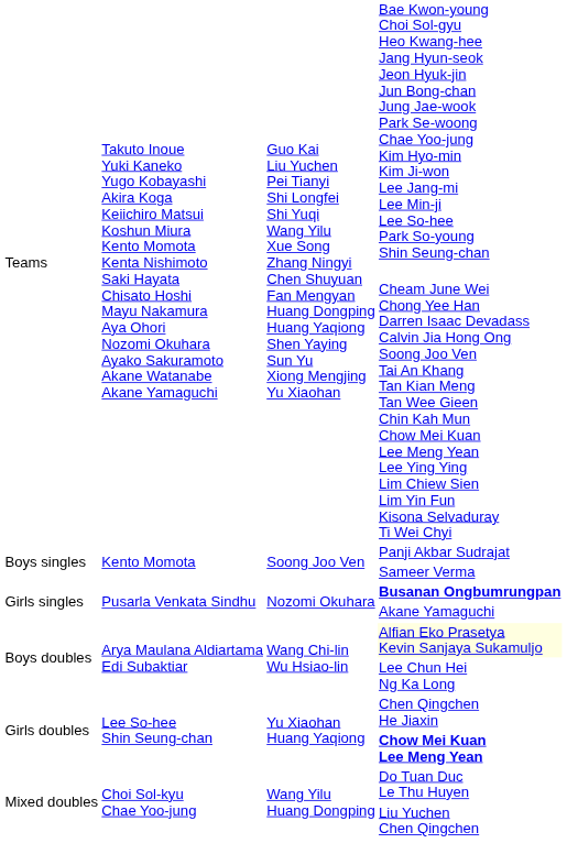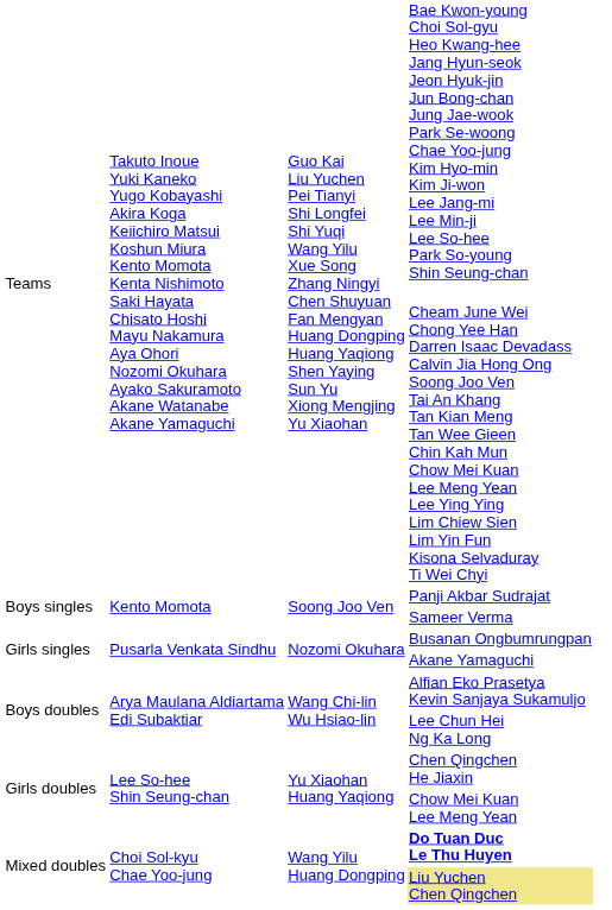 <table>
 <tr>
 <td rowspan=2>Teams<br></td>
 <td rowspan=2><br><a href='#'>Takuto Inoue</a><br><a href='#'>Yuki Kaneko</a><br><a href='#'>Yugo Kobayashi</a><br><a href='#'>Akira Koga</a><br><a href='#'>Keiichiro Matsui</a><br><a href='#'>Koshun Miura</a><br><a href='#'>Kento Momota</a><br><a href='#'>Kenta Nishimoto</a><br><a href='#'>Saki Hayata</a><br><a href='#'>Chisato Hoshi</a><br><a href='#'>Mayu Nakamura</a><br><a href='#'>Aya Ohori</a><br><a href='#'>Nozomi Okuhara</a><br><a href='#'>Ayako Sakuramoto</a><br><a href='#'>Akane Watanabe</a><br><a href='#'>Akane Yamaguchi</a></td>
 <td rowspan=2><br><a href='#'>Guo Kai</a><br><a href='#'>Liu Yuchen</a><br><a href='#'>Pei Tianyi</a><br><a href='#'>Shi Longfei</a><br><a href='#'>Shi Yuqi</a><br><a href='#'>Wang Yilu</a><br><a href='#'>Xue Song</a><br><a href='#'>Zhang Ningyi</a><br><a href='#'>Chen Shuyuan</a><br><a href='#'>Fan Mengyan</a><br><a href='#'>Huang Dongping</a><br><a href='#'>Huang Yaqiong</a><br><a href='#'>Shen Yaying</a><br><a href='#'>Sun Yu</a><br><a href='#'>Xiong Mengjing</a><br><a href='#'>Yu Xiaohan</a></td>
 <td><br><a href='#'>Bae Kwon-young</a><br><a href='#'>Choi Sol-gyu</a><br><a href='#'>Heo Kwang-hee</a><br><a href='#'>Jang Hyun-seok</a><br><a href='#'>Jeon Hyuk-jin</a><br><a href='#'>Jun Bong-chan</a><br><a href='#'>Jung Jae-wook</a><br><a href='#'>Park Se-woong</a><br><a href='#'>Chae Yoo-jung</a><br><a href='#'>Kim Hyo-min</a><br><a href='#'>Kim Ji-won</a><br><a href='#'>Lee Jang-mi</a><br><a href='#'>Lee Min-ji</a><br><a href='#'>Lee So-hee</a><br><a href='#'>Park So-young</a><br><a href='#'>Shin Seung-chan</a></td>
 </tr>
 <tr>
 <td><br><a href='#'>Cheam June Wei</a><br><a href='#'>Chong Yee Han</a><br><a href='#'>Darren Isaac Devadass</a><br><a href='#'>Calvin Jia Hong Ong</a><br><a href='#'>Soong Joo Ven</a><br><a href='#'>Tai An Khang</a><br><a href='#'>Tan Kian Meng</a><br><a href='#'>Tan Wee Gieen</a><br><a href='#'>Chin Kah Mun</a><br><a href='#'>Chow Mei Kuan</a><br><a href='#'>Lee Meng Yean</a><br><a href='#'>Lee Ying Ying</a><br><a href='#'>Lim Chiew Sien</a><br><a href='#'>Lim Yin Fun</a><br><a href='#'>Kisona Selvaduray</a><br><a href='#'>Ti Wei Chyi</a></td>
 </tr>
 <tr>
 <td rowspan=2>Boys singles<br></td>
 <td rowspan=2> <a href='#'>Kento Momota</a></td>
 <td rowspan=2> <a href='#'>Soong Joo Ven</a></td>
 <td> <a href='#'>Panji Akbar Sudrajat</a></td>
 </tr>
 <tr>
 <td> <a href='#'>Sameer Verma</a></td>
 </tr>
 <tr>
 <td rowspan=2>Girls singles<br></td>
 <td rowspan=2> <a href='#'>Pusarla Venkata Sindhu</a></td>
 <td rowspan=2> <a href='#'>Nozomi Okuhara</a></td>
-<td><strong> <a href='#'>Busanan Ongbumrungpan</a></strong></td>
+<td> <a href='#'>Busanan Ongbumrungpan</a></td>
 </tr>
 <tr>
 <td> <a href='#'>Akane Yamaguchi</a></td>
 </tr>
 <tr>
 <td rowspan=2>Boys doubles<br></td>
 <td rowspan=2> <a href='#'>Arya Maulana Aldiartama</a><br>  <a href='#'>Edi Subaktiar</a></td>
 <td rowspan=2> <a href='#'>Wang Chi-lin</a><br>  <a href='#'>Wu Hsiao-lin</a></td>
-<td style="background: lightyellow;"> <a href='#'>Alfian Eko Prasetya</a><br>  <a href='#'>Kevin Sanjaya Sukamuljo</a></td>
+<td> <a href='#'>Alfian Eko Prasetya</a><br>  <a href='#'>Kevin Sanjaya Sukamuljo</a></td>
 </tr>
 <tr>
 <td> <a href='#'>Lee Chun Hei</a><br>  <a href='#'>Ng Ka Long</a></td>
 </tr>
 <tr>
 <td rowspan=2>Girls doubles<br></td>
 <td rowspan=2> <a href='#'>Lee So-hee</a><br>  <a href='#'>Shin Seung-chan</a></td>
 <td rowspan=2> <a href='#'>Yu Xiaohan</a><br>  <a href='#'>Huang Yaqiong</a></td>
 <td> <a href='#'>Chen Qingchen</a><br>  <a href='#'>He Jiaxin</a></td>
 </tr>
 <tr>
-<td><strong> <a href='#'>Chow Mei Kuan</a><br>  <a href='#'>Lee Meng Yean</a></strong></td>
+<td> <a href='#'>Chow Mei Kuan</a><br>  <a href='#'>Lee Meng Yean</a></td>
 </tr>
 <tr>
 <td rowspan=2>Mixed doubles<br></td>
 <td rowspan=2> <a href='#'>Choi Sol-kyu</a><br>  <a href='#'>Chae Yoo-jung</a></td>
 <td rowspan=2> <a href='#'>Wang Yilu</a><br>  <a href='#'>Huang Dongping</a></td>
-<td> <a href='#'>Do Tuan Duc</a><br>  <a href='#'>Le Thu Huyen</a></td>
+<td><strong> <a href='#'>Do Tuan Duc</a><br>  <a href='#'>Le Thu Huyen</a></strong></td>
 </tr>
 <tr>
-<td> <a href='#'>Liu Yuchen</a><br>  <a href='#'>Chen Qingchen</a></td>
+<td style="background: khaki;"> <a href='#'>Liu Yuchen</a><br>  <a href='#'>Chen Qingchen</a></td>
 </tr>
 </table>
